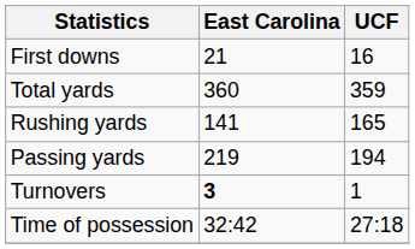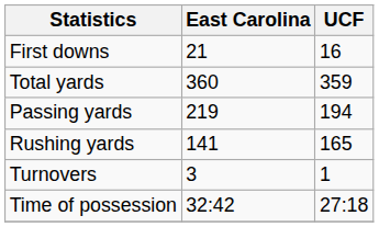 <table class="wikitable">
 <tr>
 <th>Statistics</th>
 <th>East Carolina</th>
 <th>UCF</th>
 </tr>
 <tr>
 <td>First downs</td>
 <td>21</td>
 <td>16</td>
 </tr>
 <tr>
 <td>Total yards</td>
 <td>360</td>
 <td>359</td>
 </tr>
 <tr>
+<td>Passing yards</td>
+<td>219</td>
+<td>194</td>
+</tr>
+<tr>
 <td>Rushing yards</td>
 <td>141</td>
 <td>165</td>
 </tr>
 <tr>
-<td>Passing yards</td>
-<td>219</td>
-<td>194</td>
-</tr>
-<tr>
 <td>Turnovers</td>
-<td><strong>3</strong></td>
+<td>3</td>
 <td>1</td>
 </tr>
 <tr>
 <td>Time of possession</td>
 <td>32:42</td>
 <td>27:18</td>
 </tr>
 <tr>
 </tr>
 </table>
